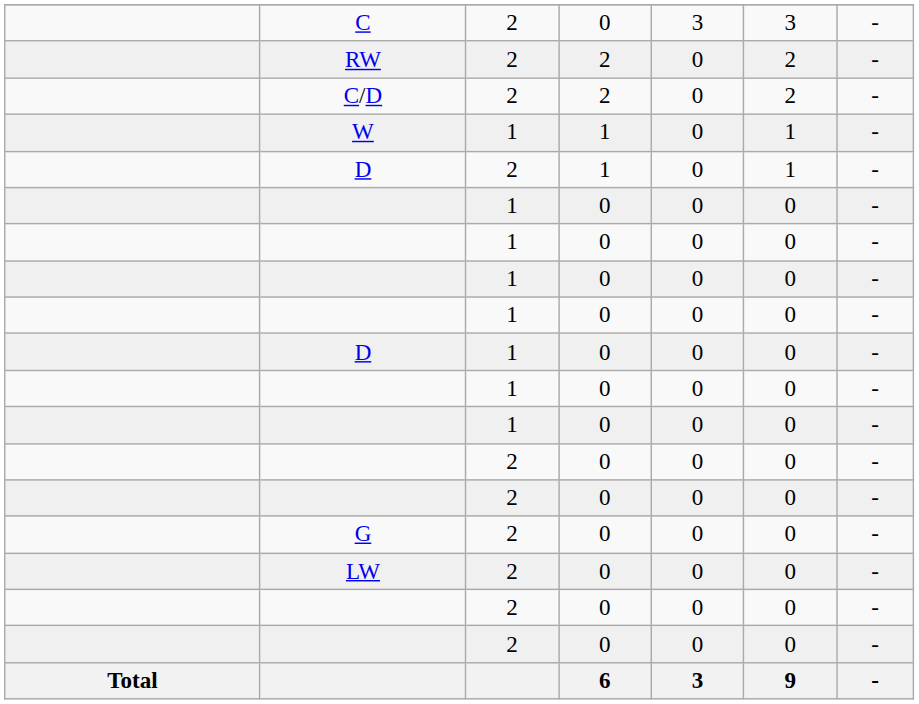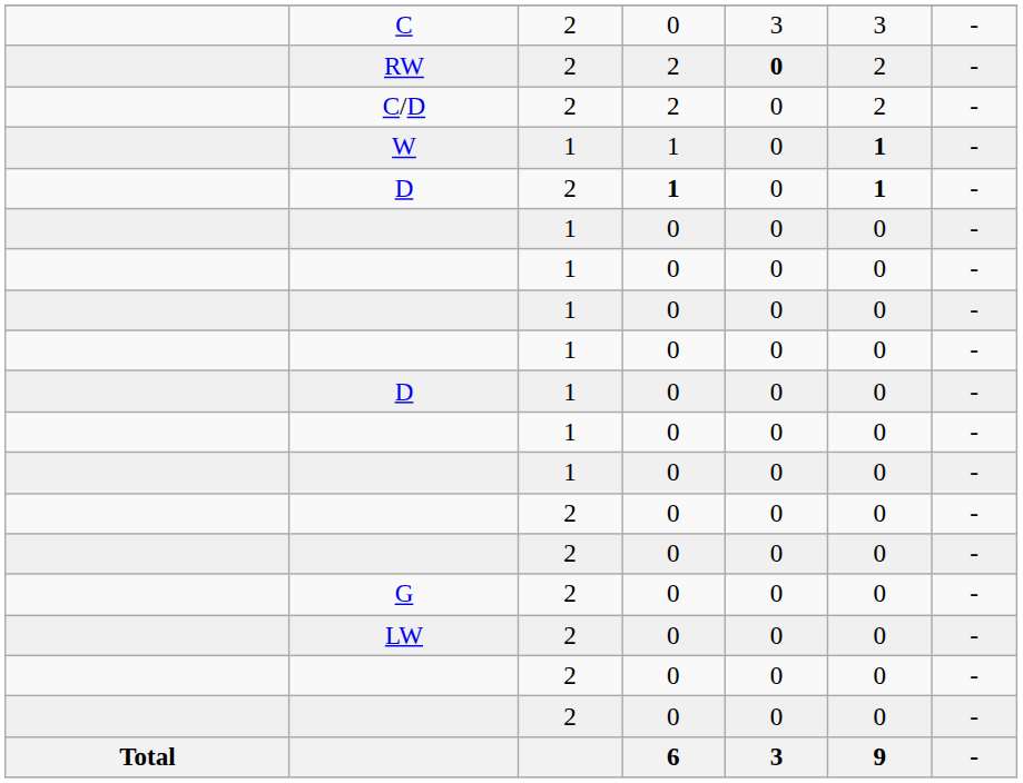 <table class="wikitable sortable" width ="50%">
 <tr align="center">
 </tr>
 <tr align="center" bgcolor="">
 <td></td>
 <td><a href='#'>C</a></td>
 <td>2</td>
 <td>0</td>
 <td>3</td>
 <td>3</td>
 <td>-</td>
 </tr>
 <tr align="center" bgcolor="f0f0f0">
 <td></td>
 <td><a href='#'>RW</a></td>
 <td>2</td>
 <td>2</td>
-<td>0</td>
+<td><strong>0</strong></td>
 <td>2</td>
 <td>-</td>
 </tr>
 <tr align="center" bgcolor="">
 <td></td>
 <td><a href='#'>C</a>/<a href='#'>D</a></td>
 <td>2</td>
 <td>2</td>
 <td>0</td>
 <td>2</td>
 <td>-</td>
 </tr>
 <tr align="center" bgcolor="f0f0f0">
 <td></td>
 <td><a href='#'>W</a></td>
 <td>1</td>
 <td>1</td>
 <td>0</td>
-<td>1</td>
+<td><strong>1</strong></td>
 <td>-</td>
 </tr>
 <tr align="center" bgcolor="">
 <td></td>
 <td><a href='#'>D</a></td>
 <td>2</td>
-<td>1</td>
+<td><strong>1</strong></td>
 <td>0</td>
-<td>1</td>
+<td><strong>1</strong></td>
 <td>-</td>
 </tr>
 <tr align="center" bgcolor="f0f0f0">
 <td></td>
 <td></td>
 <td>1</td>
 <td>0</td>
 <td>0</td>
 <td>0</td>
 <td>-</td>
 </tr>
 <tr align="center" bgcolor="">
 <td></td>
 <td></td>
 <td>1</td>
 <td>0</td>
 <td>0</td>
 <td>0</td>
 <td>-</td>
 </tr>
 <tr align="center" bgcolor="f0f0f0">
 <td></td>
 <td></td>
 <td>1</td>
 <td>0</td>
 <td>0</td>
 <td>0</td>
 <td>-</td>
 </tr>
 <tr align="center" bgcolor="">
 <td></td>
 <td></td>
 <td>1</td>
 <td>0</td>
 <td>0</td>
 <td>0</td>
 <td>-</td>
 </tr>
 <tr align="center" bgcolor="f0f0f0">
 <td></td>
 <td><a href='#'>D</a></td>
 <td>1</td>
 <td>0</td>
 <td>0</td>
 <td>0</td>
 <td>-</td>
 </tr>
 <tr align="center" bgcolor="">
 <td></td>
 <td></td>
 <td>1</td>
 <td>0</td>
 <td>0</td>
 <td>0</td>
 <td>-</td>
 </tr>
 <tr align="center" bgcolor="f0f0f0">
 <td></td>
 <td></td>
 <td>1</td>
 <td>0</td>
 <td>0</td>
 <td>0</td>
 <td>-</td>
 </tr>
 <tr align="center" bgcolor="">
 <td></td>
 <td></td>
 <td>2</td>
 <td>0</td>
 <td>0</td>
 <td>0</td>
 <td>-</td>
 </tr>
 <tr align="center" bgcolor="f0f0f0">
 <td></td>
 <td></td>
 <td>2</td>
 <td>0</td>
 <td>0</td>
 <td>0</td>
 <td>-</td>
 </tr>
 <tr align="center" bgcolor="">
 <td></td>
 <td><a href='#'>G</a></td>
 <td>2</td>
 <td>0</td>
 <td>0</td>
 <td>0</td>
 <td>-</td>
 </tr>
 <tr align="center" bgcolor="f0f0f0">
 <td></td>
 <td><a href='#'>LW</a></td>
 <td>2</td>
 <td>0</td>
 <td>0</td>
 <td>0</td>
 <td>-</td>
 </tr>
 <tr align="center" bgcolor="">
 <td></td>
 <td></td>
 <td>2</td>
 <td>0</td>
 <td>0</td>
 <td>0</td>
 <td>-</td>
 </tr>
 <tr align="center" bgcolor="f0f0f0">
 <td></td>
 <td></td>
 <td>2</td>
 <td>0</td>
 <td>0</td>
 <td>0</td>
 <td>-</td>
 </tr>
 <tr>
 <th>Total</th>
 <th></th>
 <th></th>
 <th>6</th>
 <th>3</th>
 <th>9</th>
 <th>-</th>
 </tr>
 </table>
